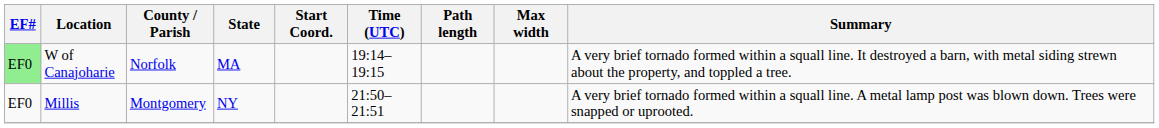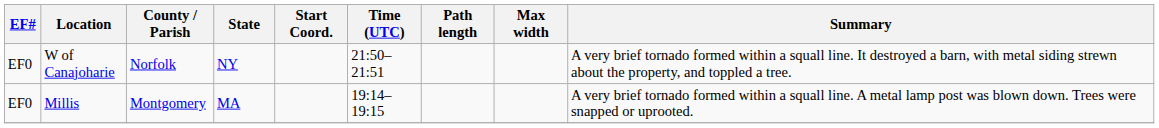 <table class="wikitable sortable" style="width:100%;">
 <tr>
 <th scope="col"  style="width:3%; text-align:center;"><a href='#'>EF#</a></th>
 <th scope="col"  style="width:7%; text-align:center;" class="unsortable">Location</th>
 <th scope="col"  style="width:6%; text-align:center;" class="unsortable">County / Parish</th>
 <th scope="col"  style="width:5%; text-align:center;">State</th>
 <th scope="col"  style="width:6%; text-align:center;">Start Coord.</th>
 <th scope="col"  style="width:6%; text-align:center;">Time (<a href='#'>UTC</a>)</th>
 <th scope="col"  style="width:6%; text-align:center;">Path length</th>
 <th scope="col"  style="width:6%; text-align:center;">Max width</th>
 <th scope="col" class="unsortable" style="width:48%; text-align:center;">Summary</th>
 </tr>
 <tr>
-<td style="background: lightgreen;">EF0</td>
+<td>EF0</td>
 <td>W of <a href='#'>Canajoharie</a></td>
 <td><a href='#'>Norfolk</a></td>
-<td><a href='#'>MA</a></td>
+<td><a href='#'>NY</a></td>
 <td></td>
-<td>19:14–19:15</td>
+<td>21:50–21:51</td>
 <td></td>
 <td></td>
 <td>A very brief tornado formed within a squall line. It destroyed a barn, with metal siding strewn about the property, and toppled a tree.</td>
 </tr>
 <tr>
 <td>EF0</td>
 <td><a href='#'>Millis</a></td>
 <td><a href='#'>Montgomery</a></td>
-<td><a href='#'>NY</a></td>
+<td><a href='#'>MA</a></td>
 <td></td>
-<td>21:50–21:51</td>
+<td>19:14–19:15</td>
 <td></td>
 <td></td>
 <td>A very brief tornado formed within a squall line. A metal lamp post was blown down. Trees were snapped or uprooted.</td>
 </tr>
 <tr>
 </tr>
 </table>
